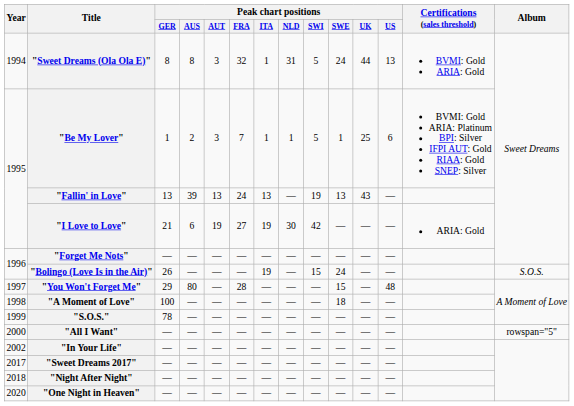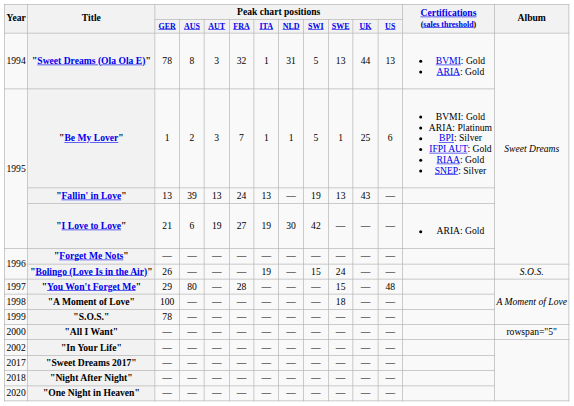 <table class="wikitable plainrowheaders" style="text-align:center;" border="1">
 <tr>
 <th scope="col" rowspan="2">Year</th>
 <th scope="col" rowspan="2">Title</th>
 <th scope="col" colspan="10">Peak chart positions</th>
 <th scope="col" rowspan="2"><a href='#'>Certifications</a><br><small>(<a href='#'>sales threshold</a>)</small></th>
 <th scope="col" rowspan="2">Album</th>
 </tr>
 <tr style="font-size:smaller;">
 <th scope="col" width="35"><a href='#'>GER</a><br></th>
 <th scope="col" width="35"><a href='#'>AUS</a><br></th>
 <th scope="col" width="35"><a href='#'>AUT</a><br></th>
 <th scope="col" width="35"><a href='#'>FRA</a><br></th>
 <th scope="col" width="35"><a href='#'>ITA</a><br></th>
 <th scope="col" width="35"><a href='#'>NLD</a><br></th>
 <th scope="col" width="35"><a href='#'>SWI</a><br></th>
 <th scope="col" width="35"><a href='#'>SWE</a><br></th>
 <th scope="col" width="35"><a href='#'>UK</a><br></th>
 <th scope="col" width="35"><a href='#'>US</a><br></th>
 </tr>
 <tr>
 <td>1994</td>
 <th scope="row">"<a href='#'>Sweet Dreams (Ola Ola E)</a>"</th>
-<td style="text-align:center;">8</td>
+<td style="text-align:center;">78</td>
 <td style="text-align:center;">8</td>
 <td style="text-align:center;">3</td>
 <td style="text-align:center;">32</td>
 <td style="text-align:center;">1</td>
 <td style="text-align:center;">31</td>
 <td style="text-align:center;">5</td>
-<td style="text-align:center;">24</td>
+<td style="text-align:center;">13</td>
 <td style="text-align:center;">44</td>
 <td style="text-align:center;">13</td>
 <td><br><ul><li><a href='#'>BVMI</a>: Gold</li><li><a href='#'>ARIA</a>: Gold</li></ul></td>
 <td rowspan=5><em>Sweet Dreams</em></td>
 </tr>
 <tr>
 <td rowspan=3>1995</td>
 <th scope="row">"<a href='#'>Be My Lover</a>"</th>
 <td style="text-align:center;">1</td>
 <td style="text-align:center;">2</td>
 <td style="text-align:center;">3</td>
 <td style="text-align:center;">7</td>
 <td style="text-align:center;">1</td>
 <td style="text-align:center;">1</td>
 <td style="text-align:center;">5</td>
 <td style="text-align:center;">1</td>
 <td style="text-align:center;">25</td>
 <td style="text-align:center;">6</td>
 <td><br><ul><li>BVMI: Gold</li><li>ARIA: Platinum</li><li><a href='#'>BPI</a>: Silver</li><li><a href='#'>IFPI AUT</a>: Gold</li><li><a href='#'>RIAA</a>: Gold</li><li><a href='#'>SNEP</a>: Silver</li></ul></td>
 </tr>
 <tr>
 <th scope="row">"<a href='#'>Fallin' in Love</a>"</th>
 <td style="text-align:center;">13</td>
 <td style="text-align:center;">39</td>
 <td style="text-align:center;">13</td>
 <td style="text-align:center;">24</td>
 <td style="text-align:center;">13</td>
 <td style="text-align:center;">—</td>
 <td style="text-align:center;">19</td>
 <td style="text-align:center;">13</td>
 <td style="text-align:center;">43</td>
 <td style="text-align:center;">—</td>
 <td></td>
 </tr>
 <tr>
 <th scope="row">"<a href='#'>I Love to Love</a>"</th>
 <td style="text-align:center;">21</td>
 <td style="text-align:center;">6</td>
 <td style="text-align:center;">19</td>
 <td style="text-align:center;">27</td>
 <td style="text-align:center;">19</td>
 <td style="text-align:center;">30</td>
 <td style="text-align:center;">42</td>
 <td style="text-align:center;">—</td>
 <td style="text-align:center;">—</td>
 <td style="text-align:center;">—</td>
 <td><br><ul><li>ARIA: Gold</li></ul></td>
 </tr>
 <tr>
 <td rowspan=2>1996</td>
 <th scope="row">"<a href='#'>Forget Me Nots</a>"</th>
 <td style="text-align:center;">—</td>
 <td style="text-align:center;">—</td>
 <td style="text-align:center;">—</td>
 <td style="text-align:center;">—</td>
 <td style="text-align:center;">—</td>
 <td style="text-align:center;">—</td>
 <td style="text-align:center;">—</td>
 <td style="text-align:center;">—</td>
 <td style="text-align:center;">—</td>
 <td style="text-align:center;">—</td>
 <td></td>
 </tr>
 <tr>
 <th scope="row">"<a href='#'>Bolingo (Love Is in the Air)</a>"</th>
 <td style="text-align:center;">26</td>
 <td style="text-align:center;">—</td>
 <td style="text-align:center;">—</td>
 <td style="text-align:center;">—</td>
 <td style="text-align:center;">19</td>
 <td style="text-align:center;">—</td>
 <td style="text-align:center;">15</td>
 <td style="text-align:center;">24</td>
 <td style="text-align:center;">—</td>
 <td style="text-align:center;">—</td>
 <td></td>
 <td><em>S.O.S.</em></td>
 </tr>
 <tr>
 <td>1997</td>
 <th scope="row">"<a href='#'>You Won't Forget Me</a>"</th>
 <td style="text-align:center;">29</td>
 <td style="text-align:center;">80</td>
 <td style="text-align:center;">—</td>
 <td style="text-align:center;">28</td>
 <td style="text-align:center;">—</td>
 <td style="text-align:center;">—</td>
 <td style="text-align:center;">—</td>
 <td style="text-align:center;">15</td>
 <td style="text-align:center;">—</td>
 <td style="text-align:center;">48</td>
 <td></td>
 <td rowspan="3"><em>A Moment of Love</em></td>
 </tr>
 <tr>
 <td>1998</td>
 <th scope="row">"A Moment of Love"</th>
 <td style="text-align:center;">100</td>
 <td style="text-align:center;">—</td>
 <td style="text-align:center;">—</td>
 <td style="text-align:center;">—</td>
 <td style="text-align:center;">—</td>
 <td style="text-align:center;">—</td>
 <td style="text-align:center;">—</td>
 <td style="text-align:center;">18</td>
 <td style="text-align:center;">—</td>
 <td style="text-align:center;">—</td>
 <td></td>
 </tr>
 <tr>
 <td>1999</td>
 <th scope="row">"S.O.S."</th>
 <td style="text-align:center;">78</td>
 <td style="text-align:center;">—</td>
 <td style="text-align:center;">—</td>
 <td style="text-align:center;">—</td>
 <td style="text-align:center;">—</td>
 <td style="text-align:center;">—</td>
 <td style="text-align:center;">—</td>
 <td style="text-align:center;">—</td>
 <td style="text-align:center;">—</td>
 <td style="text-align:center;">—</td>
 <td></td>
 </tr>
 <tr>
 <td>2000</td>
 <th scope="row">"All I Want"</th>
 <td style="text-align:center;">—</td>
 <td style="text-align:center;">—</td>
 <td style="text-align:center;">—</td>
 <td style="text-align:center;">—</td>
 <td style="text-align:center;">—</td>
 <td style="text-align:center;">—</td>
 <td style="text-align:center;">—</td>
 <td style="text-align:center;">—</td>
 <td style="text-align:center;">—</td>
 <td style="text-align:center;">—</td>
 <td></td>
 <td>rowspan="5" </td>
 </tr>
 <tr>
 <td>2002</td>
 <th scope="row">"In Your Life"</th>
 <td style="text-align:center;">—</td>
 <td style="text-align:center;">—</td>
 <td style="text-align:center;">—</td>
 <td style="text-align:center;">—</td>
 <td style="text-align:center;">—</td>
 <td style="text-align:center;">—</td>
 <td style="text-align:center;">—</td>
 <td style="text-align:center;">—</td>
 <td style="text-align:center;">—</td>
 <td style="text-align:center;">—</td>
 <td></td>
 </tr>
 <tr>
 <td>2017</td>
 <th scope="row">"Sweet Dreams 2017"</th>
 <td style="text-align:center;">—</td>
 <td style="text-align:center;">—</td>
 <td style="text-align:center;">—</td>
 <td style="text-align:center;">—</td>
 <td style="text-align:center;">—</td>
 <td style="text-align:center;">—</td>
 <td style="text-align:center;">—</td>
 <td style="text-align:center;">—</td>
 <td style="text-align:center;">—</td>
 <td style="text-align:center;">—</td>
 <td></td>
 </tr>
 <tr>
 <td>2018</td>
 <th scope="row">"Night After Night"</th>
 <td style="text-align:center;">—</td>
 <td style="text-align:center;">—</td>
 <td style="text-align:center;">—</td>
 <td style="text-align:center;">—</td>
 <td style="text-align:center;">—</td>
 <td style="text-align:center;">—</td>
 <td style="text-align:center;">—</td>
 <td style="text-align:center;">—</td>
 <td style="text-align:center;">—</td>
 <td style="text-align:center;">—</td>
 <td></td>
 </tr>
 <tr>
 <td>2020</td>
 <th scope="row">"One Night in Heaven"</th>
 <td style="text-align:center;">—</td>
 <td style="text-align:center;">—</td>
 <td style="text-align:center;">—</td>
 <td style="text-align:center;">—</td>
 <td style="text-align:center;">—</td>
 <td style="text-align:center;">—</td>
 <td style="text-align:center;">—</td>
 <td style="text-align:center;">—</td>
 <td style="text-align:center;">—</td>
 <td style="text-align:center;">—</td>
 <td></td>
 </tr>
 </table>
